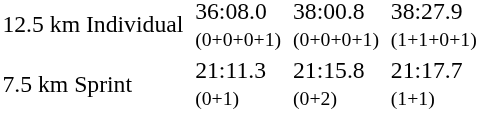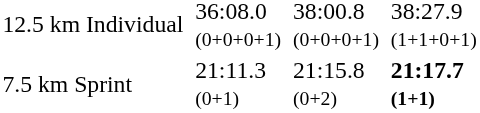 <table>
 <tr>
 <td>12.5 km Individual</td>
 <td></td>
 <td>36:08.0<br><small>(0+0+0+1)</small></td>
 <td></td>
 <td>38:00.8<br><small>(0+0+0+1)</small></td>
 <td></td>
 <td>38:27.9<br><small>(1+1+0+1)</small></td>
 </tr>
 <tr>
 <td>7.5 km Sprint</td>
 <td></td>
 <td>21:11.3<br><small>(0+1)</small></td>
 <td></td>
 <td>21:15.8<br><small>(0+2)</small></td>
 <td></td>
-<td>21:17.7<br><small>(1+1)</small></td>
+<td><strong>21:17.7<br><small>(1+1)</small></strong></td>
 </tr>
 </table>
